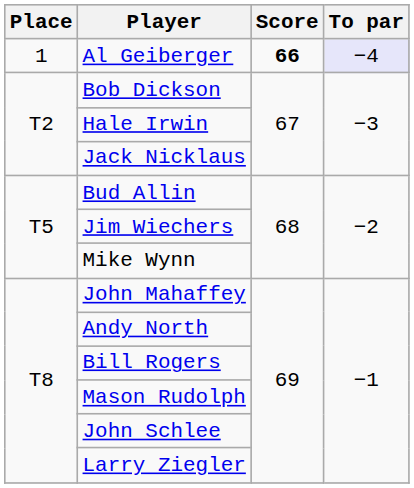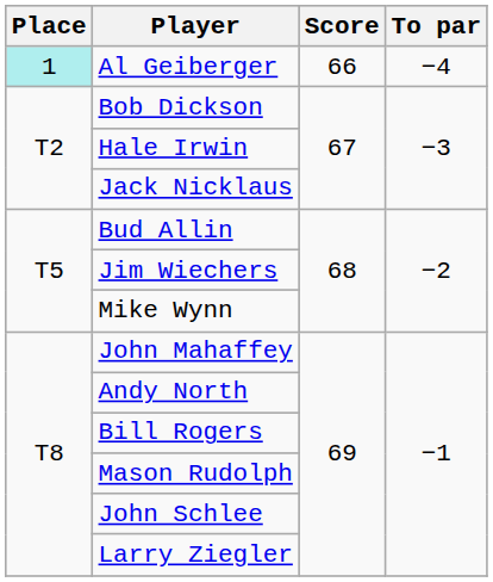 <table class="wikitable">
 <tr>
 <th>Place</th>
 <th>Player</th>
 <th>Score</th>
 <th>To par</th>
 </tr>
 <tr>
-<td align=center>1</td>
+<td align=center style="background: paleturquoise;">1</td>
 <td> <a href='#'>Al Geiberger</a></td>
-<td align=center><strong>66</strong></td>
-<td align=center style="background: lavender;">−4</td>
+<td align=center>66</td>
+<td align=center>−4</td>
 </tr>
 <tr>
 <td rowspan=3 align=center>T2</td>
 <td> <a href='#'>Bob Dickson</a></td>
 <td rowspan=3 align=center>67</td>
 <td rowspan=3 align=center>−3</td>
 </tr>
 <tr>
 <td> <a href='#'>Hale Irwin</a></td>
 </tr>
 <tr>
 <td> <a href='#'>Jack Nicklaus</a></td>
 </tr>
 <tr>
 <td rowspan=3 align=center>T5</td>
 <td> <a href='#'>Bud Allin</a></td>
 <td rowspan=3 align=center>68</td>
 <td rowspan=3 align=center>−2</td>
 </tr>
 <tr>
 <td> <a href='#'>Jim Wiechers</a></td>
 </tr>
 <tr>
 <td> Mike Wynn</td>
 </tr>
 <tr>
 <td rowspan=6 align=center>T8</td>
 <td> <a href='#'>John Mahaffey</a></td>
 <td rowspan=6 align=center>69</td>
 <td rowspan=6  align=center>−1</td>
 </tr>
 <tr>
 <td> <a href='#'>Andy North</a></td>
 </tr>
 <tr>
 <td> <a href='#'>Bill Rogers</a></td>
 </tr>
 <tr>
 <td> <a href='#'>Mason Rudolph</a></td>
 </tr>
 <tr>
 <td> <a href='#'>John Schlee</a></td>
 </tr>
 <tr>
 <td> <a href='#'>Larry Ziegler</a></td>
 </tr>
 </table>
